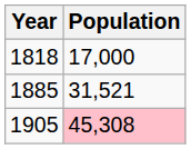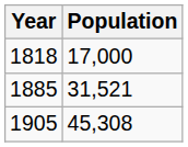 <table class="wikitable">
 <tr>
 <th>Year</th>
 <th>Population</th>
 </tr>
 <tr>
 <td>1818</td>
 <td>17,000</td>
 </tr>
 <tr>
 <td>1885</td>
 <td>31,521</td>
 </tr>
 <tr>
 <td>1905</td>
-<td style="background: pink;">45,308</td>
+<td>45,308</td>
 </tr>
 </table>
